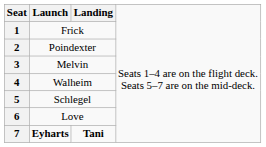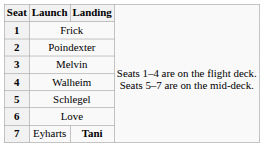 <table class="wikitable" style="text-align:center">
 <tr>
 <th>Seat</th>
 <th>Launch</th>
 <th>Landing</th>
 <td rowspan=8><br>Seats 1–4 are on the flight deck.<br>Seats 5–7 are on the mid-deck.</td>
 </tr>
 <tr>
 <th>1</th>
 <td colspan=2>Frick</td>
 </tr>
 <tr>
 <th>2</th>
 <td colspan=2>Poindexter</td>
 </tr>
 <tr>
 <th>3</th>
 <td colspan=2>Melvin</td>
 </tr>
 <tr>
 <th>4</th>
 <td colspan=2>Walheim</td>
 </tr>
 <tr>
 <th>5</th>
 <td colspan=2>Schlegel</td>
 </tr>
 <tr>
 <th>6</th>
 <td colspan=2>Love</td>
 </tr>
 <tr>
 <th>7</th>
-<td><strong>Eyharts</strong></td>
+<td>Eyharts</td>
 <td><strong>Tani</strong></td>
 </tr>
 </table>
